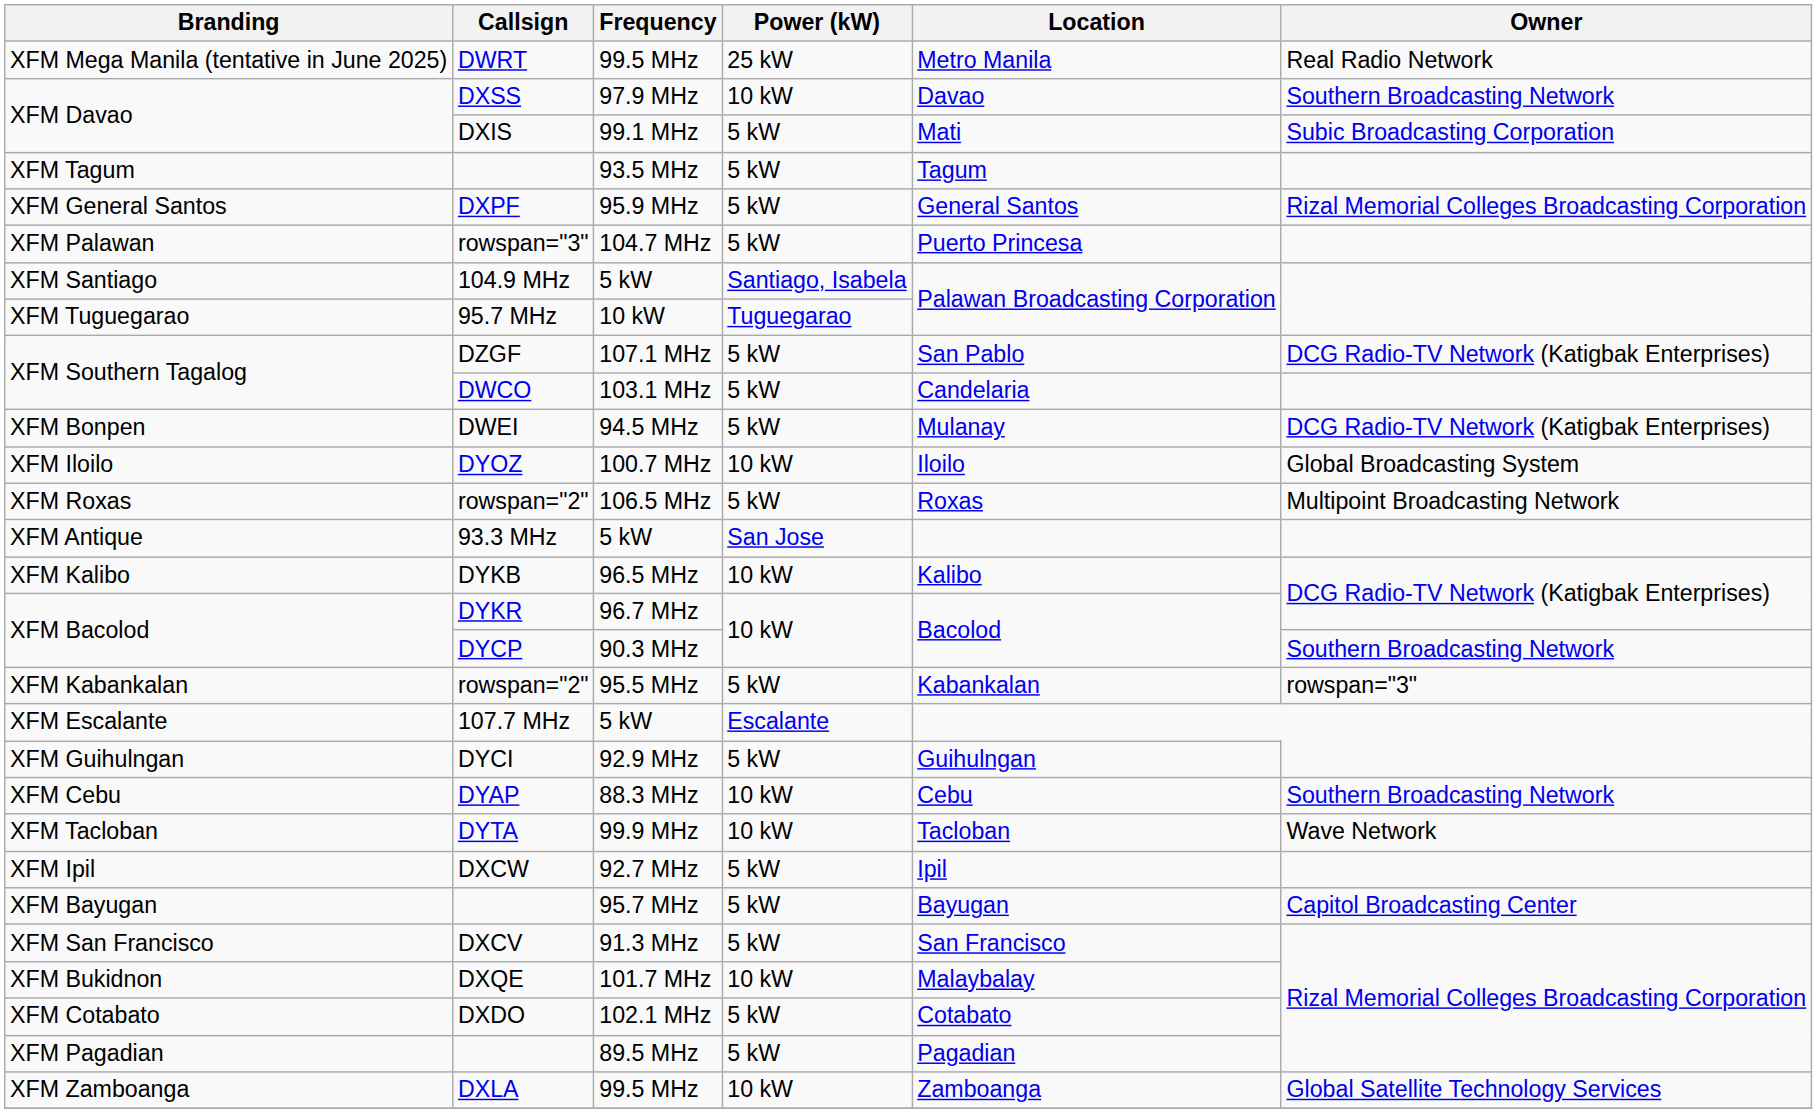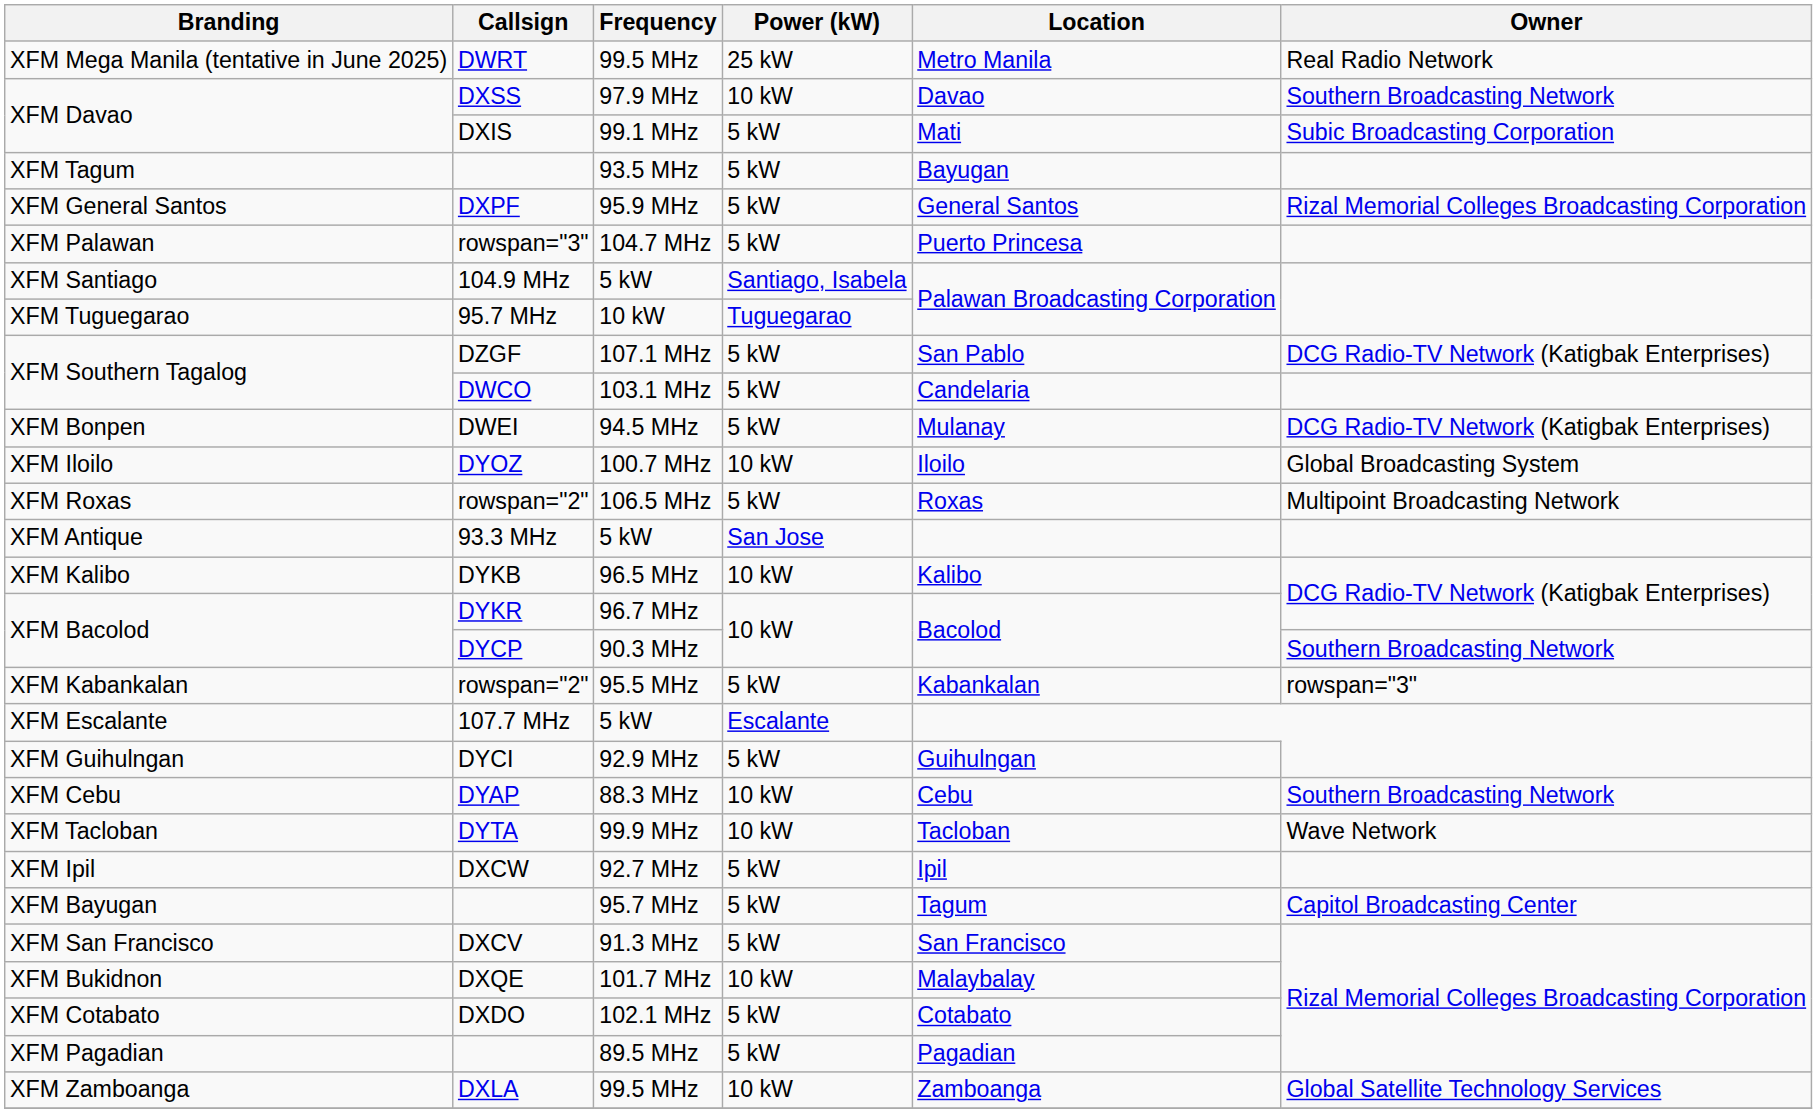 <table class="wikitable">
 <tr>
 <th>Branding</th>
 <th>Callsign</th>
 <th>Frequency</th>
 <th>Power (kW)</th>
 <th>Location</th>
 <th>Owner</th>
 </tr>
 <tr>
 <td>XFM Mega Manila (tentative in June 2025)</td>
 <td><a href='#'>DWRT</a></td>
 <td>99.5 MHz</td>
 <td>25 kW</td>
 <td><a href='#'>Metro Manila</a></td>
 <td>Real Radio Network</td>
 </tr>
 <tr>
 <td rowspan="2">XFM Davao</td>
 <td><a href='#'>DXSS</a></td>
 <td>97.9 MHz</td>
 <td>10 kW</td>
 <td><a href='#'>Davao</a></td>
 <td><a href='#'>Southern Broadcasting Network</a></td>
 </tr>
 <tr>
 <td>DXIS</td>
 <td>99.1 MHz</td>
 <td>5 kW</td>
 <td><a href='#'>Mati</a></td>
 <td><a href='#'>Subic Broadcasting Corporation</a></td>
 </tr>
 <tr>
 <td>XFM Tagum</td>
 <td></td>
 <td>93.5 MHz</td>
 <td>5 kW</td>
-<td><a href='#'>Tagum</a></td>
+<td><a href='#'>Bayugan</a></td>
 <td></td>
 </tr>
 <tr>
 <td>XFM General Santos</td>
 <td><a href='#'>DXPF</a></td>
 <td>95.9 MHz</td>
 <td>5 kW</td>
 <td><a href='#'>General Santos</a></td>
 <td><a href='#'>Rizal Memorial Colleges Broadcasting Corporation</a></td>
 </tr>
 <tr>
 <td>XFM Palawan</td>
 <td>rowspan="3" </td>
 <td>104.7 MHz</td>
 <td>5 kW</td>
 <td><a href='#'>Puerto Princesa</a></td>
 <td></td>
 </tr>
 <tr>
 <td>XFM Santiago</td>
 <td>104.9 MHz</td>
 <td>5 kW</td>
 <td><a href='#'>Santiago, Isabela</a></td>
 <td rowspan="2"><a href='#'>Palawan Broadcasting Corporation</a></td>
 </tr>
 <tr>
 <td>XFM Tuguegarao</td>
 <td>95.7 MHz</td>
 <td>10 kW</td>
 <td><a href='#'>Tuguegarao</a></td>
 </tr>
 <tr>
 <td rowspan="2">XFM Southern Tagalog</td>
 <td>DZGF</td>
 <td>107.1 MHz</td>
 <td>5 kW</td>
 <td><a href='#'>San Pablo</a></td>
 <td><a href='#'>DCG Radio-TV Network</a> (Katigbak Enterprises)</td>
 </tr>
 <tr>
 <td><a href='#'>DWCO</a></td>
 <td>103.1 MHz</td>
 <td>5 kW</td>
 <td><a href='#'>Candelaria</a></td>
 <td></td>
 </tr>
 <tr>
 <td>XFM Bonpen</td>
 <td>DWEI</td>
 <td>94.5 MHz</td>
 <td>5 kW</td>
 <td><a href='#'>Mulanay</a></td>
 <td><a href='#'>DCG Radio-TV Network</a> (Katigbak Enterprises)</td>
 </tr>
 <tr>
 <td>XFM Iloilo</td>
 <td><a href='#'>DYOZ</a></td>
 <td>100.7 MHz</td>
 <td>10 kW</td>
 <td><a href='#'>Iloilo</a></td>
 <td>Global Broadcasting System</td>
 </tr>
 <tr>
 <td>XFM Roxas</td>
 <td>rowspan="2" </td>
 <td>106.5 MHz</td>
 <td>5 kW</td>
 <td><a href='#'>Roxas</a></td>
 <td>Multipoint Broadcasting Network</td>
 </tr>
 <tr>
 <td>XFM Antique</td>
 <td>93.3 MHz</td>
 <td>5 kW</td>
 <td><a href='#'>San Jose</a></td>
 <td></td>
 </tr>
 <tr>
 <td>XFM Kalibo</td>
 <td>DYKB</td>
 <td>96.5 MHz</td>
 <td>10 kW</td>
 <td><a href='#'>Kalibo</a></td>
 <td rowspan="2"><a href='#'>DCG Radio-TV Network</a> (Katigbak Enterprises)</td>
 </tr>
 <tr>
 <td rowspan="2">XFM Bacolod</td>
 <td><a href='#'>DYKR</a></td>
 <td>96.7 MHz</td>
 <td rowspan="2">10 kW</td>
 <td rowspan="2"><a href='#'>Bacolod</a></td>
 </tr>
 <tr>
 <td><a href='#'>DYCP</a></td>
 <td>90.3 MHz</td>
 <td><a href='#'>Southern Broadcasting Network</a></td>
 </tr>
 <tr>
 <td>XFM Kabankalan</td>
 <td>rowspan="2" </td>
 <td>95.5 MHz</td>
 <td>5 kW</td>
 <td><a href='#'>Kabankalan</a></td>
 <td>rowspan="3" </td>
 </tr>
 <tr>
 <td>XFM Escalante</td>
 <td>107.7 MHz</td>
 <td>5 kW</td>
 <td><a href='#'>Escalante</a></td>
 </tr>
 <tr>
 <td>XFM Guihulngan</td>
 <td>DYCI</td>
 <td>92.9 MHz</td>
 <td>5 kW</td>
 <td><a href='#'>Guihulngan</a></td>
 </tr>
 <tr>
 <td>XFM Cebu</td>
 <td><a href='#'>DYAP</a></td>
 <td>88.3 MHz</td>
 <td>10 kW</td>
 <td><a href='#'>Cebu</a></td>
 <td><a href='#'>Southern Broadcasting Network</a></td>
 </tr>
 <tr>
 <td>XFM Tacloban</td>
 <td><a href='#'>DYTA</a></td>
 <td>99.9 MHz</td>
 <td>10 kW</td>
 <td><a href='#'>Tacloban</a></td>
 <td>Wave Network</td>
 </tr>
 <tr>
 <td>XFM Ipil</td>
 <td>DXCW</td>
 <td>92.7 MHz</td>
 <td>5 kW</td>
 <td><a href='#'>Ipil</a></td>
 <td></td>
 </tr>
 <tr>
 <td>XFM Bayugan</td>
 <td></td>
 <td>95.7 MHz</td>
 <td>5 kW</td>
-<td><a href='#'>Bayugan</a></td>
+<td><a href='#'>Tagum</a></td>
 <td><a href='#'>Capitol Broadcasting Center</a></td>
 </tr>
 <tr>
 <td>XFM San Francisco</td>
 <td>DXCV</td>
 <td>91.3 MHz</td>
 <td>5 kW</td>
 <td><a href='#'>San Francisco</a></td>
 <td rowspan="4"><a href='#'>Rizal Memorial Colleges Broadcasting Corporation</a></td>
 </tr>
 <tr>
 <td>XFM Bukidnon</td>
 <td>DXQE</td>
 <td>101.7 MHz</td>
 <td>10 kW</td>
 <td><a href='#'>Malaybalay</a></td>
 </tr>
 <tr>
 <td>XFM Cotabato</td>
 <td>DXDO</td>
 <td>102.1 MHz</td>
 <td>5 kW</td>
 <td><a href='#'>Cotabato</a></td>
 </tr>
 <tr>
 <td>XFM Pagadian</td>
 <td></td>
 <td>89.5 MHz</td>
 <td>5 kW</td>
 <td><a href='#'>Pagadian</a></td>
 </tr>
 <tr>
 <td>XFM Zamboanga</td>
 <td><a href='#'>DXLA</a></td>
 <td>99.5 MHz</td>
 <td>10 kW</td>
 <td><a href='#'>Zamboanga</a></td>
 <td><a href='#'>Global Satellite Technology Services</a></td>
 </tr>
 <tr>
 </tr>
 </table>
